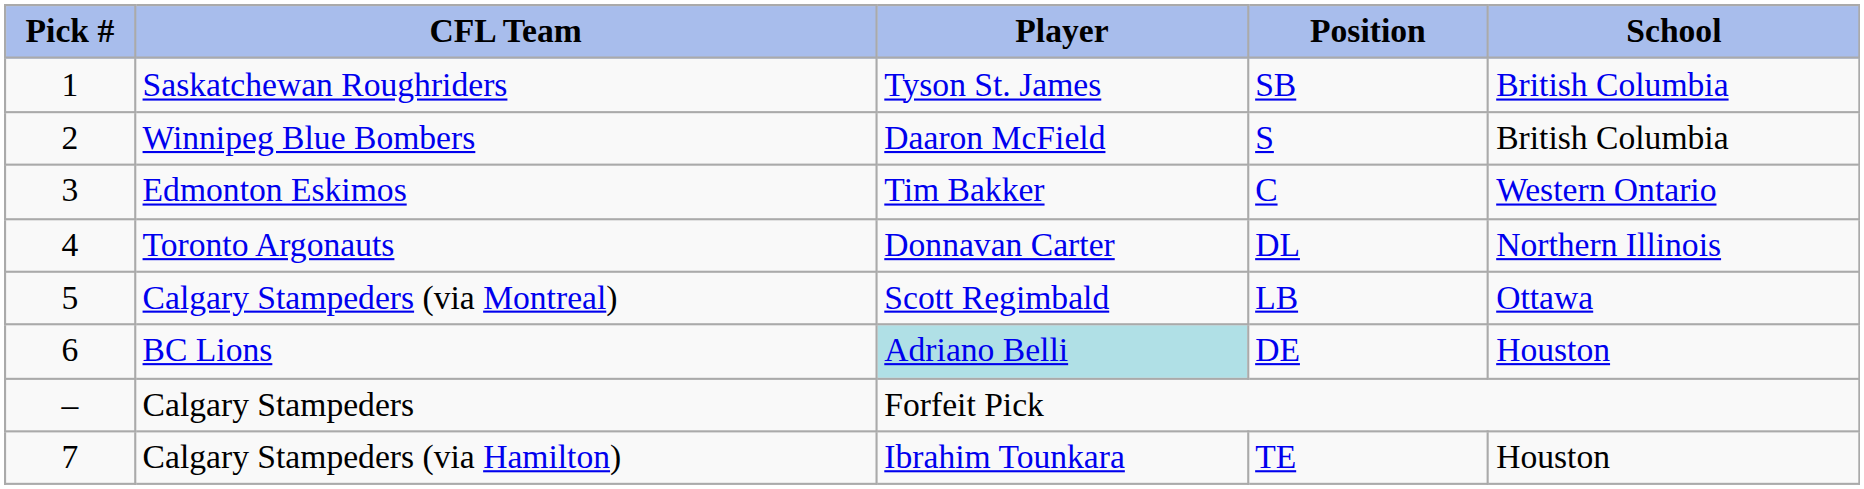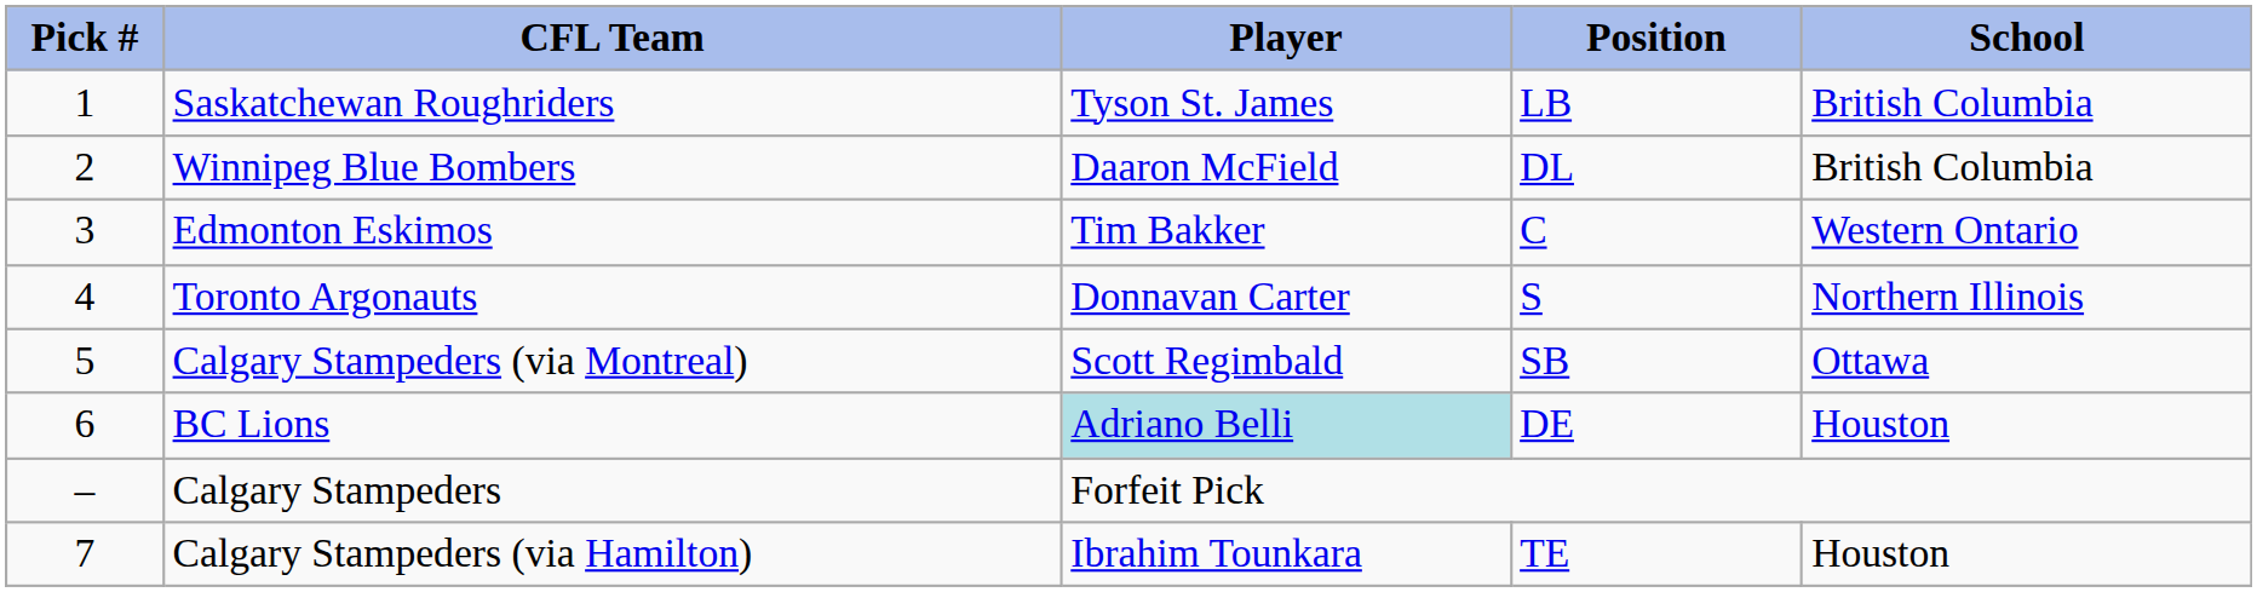 <table class="wikitable" border="1" style="width: 100%">
 <tr>
 <th style="background:#a8bdec;" width=7%>Pick #</th>
 <th width=40% style="background:#a8bdec;">CFL Team</th>
 <th width=20% style="background:#a8bdec;">Player</th>
 <th width=13% style="background:#a8bdec;">Position</th>
 <th width=20% style="background:#a8bdec;">School</th>
 </tr>
 <tr>
 <td align=center>1</td>
 <td><a href='#'>Saskatchewan Roughriders</a></td>
 <td><a href='#'>Tyson St. James</a></td>
-<td><a href='#'>SB</a></td>
+<td><a href='#'>LB</a></td>
 <td><a href='#'>British Columbia</a></td>
 </tr>
 <tr>
 <td align=center>2</td>
 <td><a href='#'>Winnipeg Blue Bombers</a></td>
 <td><a href='#'>Daaron McField</a></td>
-<td><a href='#'>S</a></td>
+<td><a href='#'>DL</a></td>
 <td>British Columbia</td>
 </tr>
 <tr>
 <td align=center>3</td>
 <td><a href='#'>Edmonton Eskimos</a></td>
 <td><a href='#'>Tim Bakker</a></td>
 <td><a href='#'>C</a></td>
 <td><a href='#'>Western Ontario</a></td>
 </tr>
 <tr>
 <td align=center>4</td>
 <td><a href='#'>Toronto Argonauts</a></td>
 <td><a href='#'>Donnavan Carter</a></td>
-<td><a href='#'>DL</a></td>
+<td><a href='#'>S</a></td>
 <td><a href='#'>Northern Illinois</a></td>
 </tr>
 <tr>
 <td align=center>5</td>
 <td><a href='#'>Calgary Stampeders</a> (via <a href='#'>Montreal</a>)</td>
 <td><a href='#'>Scott Regimbald</a></td>
-<td><a href='#'>LB</a></td>
+<td><a href='#'>SB</a></td>
 <td><a href='#'>Ottawa</a></td>
 </tr>
 <tr>
 <td align=center>6</td>
 <td><a href='#'>BC Lions</a></td>
 <td bgcolor="#B0E0E6"><a href='#'>Adriano Belli</a></td>
 <td><a href='#'>DE</a></td>
 <td><a href='#'>Houston</a></td>
 </tr>
 <tr>
 <td align=center>–</td>
 <td>Calgary Stampeders</td>
 <td colspan="3">Forfeit Pick</td>
 </tr>
 <tr>
 <td align=center>7</td>
 <td>Calgary Stampeders (via <a href='#'>Hamilton</a>)</td>
 <td><a href='#'>Ibrahim Tounkara</a></td>
 <td><a href='#'>TE</a></td>
 <td>Houston</td>
 </tr>
 </table>
